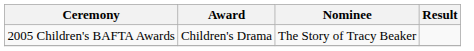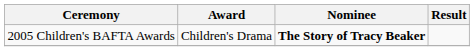 <table class="wikitable">
 <tr>
 <th>Ceremony</th>
 <th>Award</th>
 <th>Nominee</th>
 <th>Result</th>
 </tr>
 <tr>
 <td>2005 Children's BAFTA Awards</td>
 <td>Children's Drama</td>
-<td>The Story of Tracy Beaker</td>
+<td><strong>The Story of Tracy Beaker</strong></td>
 <td></td>
 </tr>
 <tr>
 </tr>
 </table>
